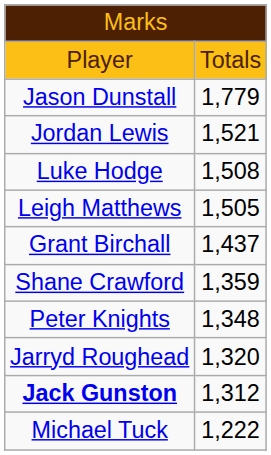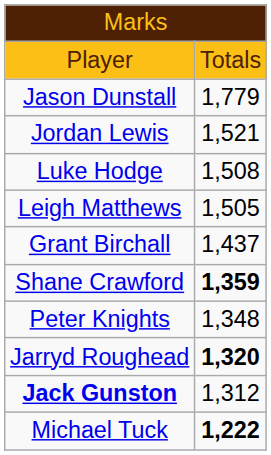 <table class="wikitable" style="text-align:center;">
 <tr>
 <td colspan="2" style="text-align:center; background: #4D2004; color: #FBBF15">Marks</td>
 </tr>
 <tr>
 <td style="text-align:center; background: #FBBF15; color: #4D2004">Player</td>
 <td style="text-align:center; background: #FBBF15; color: #4D2004">Totals</td>
 </tr>
 <tr>
 <td><a href='#'>Jason Dunstall</a></td>
 <td>1,779</td>
 </tr>
 <tr>
 <td><a href='#'>Jordan Lewis</a></td>
 <td>1,521</td>
 </tr>
 <tr>
 <td><a href='#'>Luke Hodge</a></td>
 <td>1,508</td>
 </tr>
 <tr>
 <td><a href='#'>Leigh Matthews</a></td>
 <td>1,505</td>
 </tr>
 <tr>
 <td><a href='#'>Grant Birchall</a></td>
 <td>1,437</td>
 </tr>
 <tr>
 <td><a href='#'>Shane Crawford</a></td>
-<td>1,359</td>
+<td><strong>1,359</strong></td>
 </tr>
 <tr>
 <td><a href='#'>Peter Knights</a></td>
 <td>1,348</td>
 </tr>
 <tr>
 <td><a href='#'>Jarryd Roughead</a></td>
-<td>1,320</td>
+<td><strong>1,320</strong></td>
 </tr>
 <tr>
 <td><strong><a href='#'>Jack Gunston</a></strong></td>
 <td>1,312</td>
 </tr>
 <tr>
 <td><a href='#'>Michael Tuck</a></td>
-<td>1,222</td>
+<td><strong>1,222</strong></td>
 </tr>
 </table>
